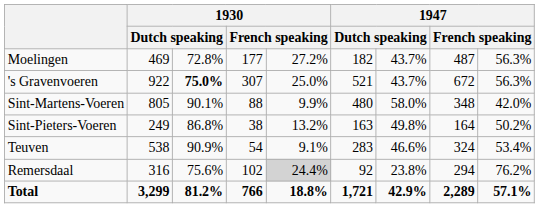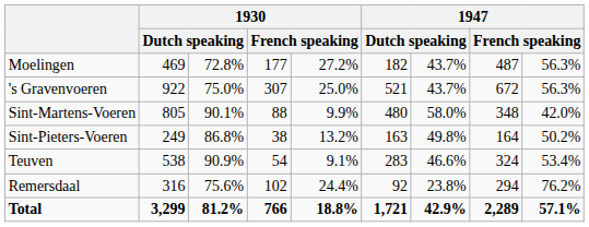 <table class="wikitable">
 <tr>
 <th rowspan=2></th>
 <th colspan=4>1930</th>
 <th colspan=4>1947</th>
 </tr>
 <tr>
 <th colspan=2>Dutch speaking</th>
 <th colspan=2>French speaking</th>
 <th colspan=2>Dutch speaking</th>
 <th colspan=2>French speaking</th>
 </tr>
 <tr>
 <td>Moelingen</td>
 <td align=right>469</td>
 <td align=right>72.8%</td>
 <td align=right>177</td>
 <td align=right>27.2%</td>
 <td align=right>182</td>
 <td align=right>43.7%</td>
 <td align=right>487</td>
 <td align=right>56.3%</td>
 </tr>
 <tr>
 <td>'s Gravenvoeren</td>
 <td align=right>922</td>
-<td align=right><strong>75.0%</strong></td>
+<td align=right>75.0%</td>
 <td align=right>307</td>
 <td align=right>25.0%</td>
 <td align=right>521</td>
 <td align=right>43.7%</td>
 <td align=right>672</td>
 <td align=right>56.3%</td>
 </tr>
 <tr>
 <td>Sint-Martens-Voeren</td>
 <td align=right>805</td>
 <td align=right>90.1%</td>
 <td align=right>88</td>
 <td align=right>9.9%</td>
 <td align=right>480</td>
 <td align=right>58.0%</td>
 <td align=right>348</td>
 <td align=right>42.0%</td>
 </tr>
 <tr>
 <td>Sint-Pieters-Voeren</td>
 <td align=right>249</td>
 <td align=right>86.8%</td>
 <td align=right>38</td>
 <td align=right>13.2%</td>
 <td align=right>163</td>
 <td align=right>49.8%</td>
 <td align=right>164</td>
 <td align=right>50.2%</td>
 </tr>
 <tr>
 <td>Teuven</td>
 <td align=right>538</td>
 <td align=right>90.9%</td>
 <td align=right>54</td>
 <td align=right>9.1%</td>
 <td align=right>283</td>
 <td align=right>46.6%</td>
 <td align=right>324</td>
 <td align=right>53.4%</td>
 </tr>
 <tr>
 <td>Remersdaal</td>
 <td align=right>316</td>
 <td align=right>75.6%</td>
 <td align=right>102</td>
-<td align=right style="background: lightgrey;">24.4%</td>
+<td align=right>24.4%</td>
 <td align=right>92</td>
 <td align=right>23.8%</td>
 <td align=right>294</td>
 <td align=right>76.2%</td>
 </tr>
 <tr>
 <td><strong>Total</strong></td>
 <td align=right><strong>3,299</strong></td>
 <td align=right><strong>81.2%</strong></td>
 <td align=right><strong>766</strong></td>
 <td align=right><strong>18.8%</strong></td>
 <td align=right><strong>1,721</strong></td>
 <td align=right><strong>42.9%</strong></td>
 <td align=right><strong>2,289</strong></td>
 <td align=right><strong>57.1%</strong></td>
 </tr>
 </table>
